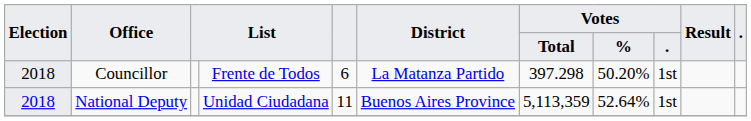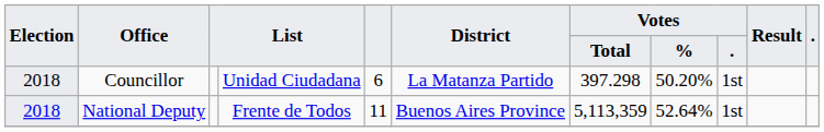 <table class="wikitable" style="font-size:90%; text-align:center;">
 <tr>
 <th style="background-color:#EAECF0;" rowspan=2>Election</th>
 <th style="background-color:#EAECF0;" rowspan=2>Office</th>
 <th style="background-color:#EAECF0;" colspan=2 rowspan=2>List</th>
 <th style="background-color:#EAECF0;" rowspan=2></th>
 <th style="background-color:#EAECF0;" rowspan=2>District</th>
 <th style="background-color:#EAECF0;" colspan=3>Votes</th>
 <th style="background-color:#EAECF0;" rowspan=2>Result</th>
 <th style="background-color:#EAECF0;" rowspan=2>.</th>
 </tr>
 <tr>
 <th style="background-color:#EAECF0;">Total</th>
 <th style="background-color:#EAECF0;">%</th>
 <th style="background-color:#EAECF0;">.</th>
 </tr>
 <tr>
 <td style="background-color:#EAECF0;">2018</td>
 <td>Councillor</td>
 <td style="background-color:"></td>
-<td><a href='#'>Frente de Todos</a></td>
+<td><a href='#'>Unidad Ciudadana</a></td>
 <td>6</td>
 <td><a href='#'>La Matanza Partido</a></td>
 <td>397.298</td>
 <td>50.20%</td>
 <td>1st</td>
 <td></td>
 <td></td>
 </tr>
 <tr>
 <td style="background-color:#EAECF0;"><a href='#'>2018</a></td>
 <td><a href='#'>National Deputy</a></td>
 <td style="background-color:"></td>
-<td><a href='#'>Unidad Ciudadana</a></td>
+<td><a href='#'>Frente de Todos</a></td>
 <td>11</td>
 <td><a href='#'>Buenos Aires Province</a></td>
 <td>5,113,359</td>
 <td>52.64%</td>
 <td>1st</td>
 <td></td>
 <td></td>
 </tr>
 <tr>
 </tr>
 </table>
